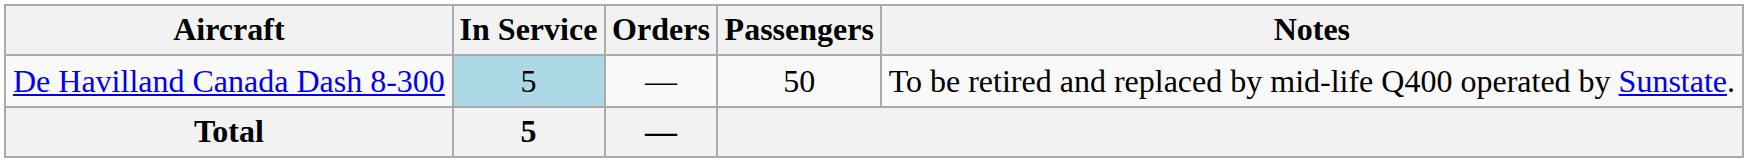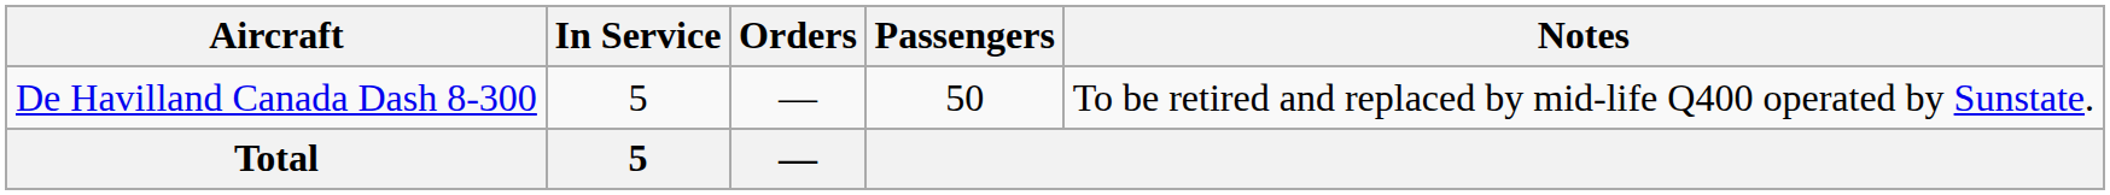 <table class="wikitable" style="margin:0.5em auto; text-align:center">
 <tr>
 <th>Aircraft</th>
 <th>In Service</th>
 <th>Orders</th>
 <th>Passengers</th>
 <th>Notes</th>
 </tr>
 <tr>
 <td><a href='#'>De Havilland Canada Dash 8-300</a></td>
-<td style="background: lightblue;">5</td>
+<td>5</td>
 <td>—</td>
 <td>50</td>
 <td>To be retired and replaced by mid-life Q400 operated by <a href='#'>Sunstate</a>.</td>
 </tr>
 <tr>
 <th>Total</th>
 <th>5</th>
 <th>—</th>
 <th colspan="2"></th>
 </tr>
 </table>
